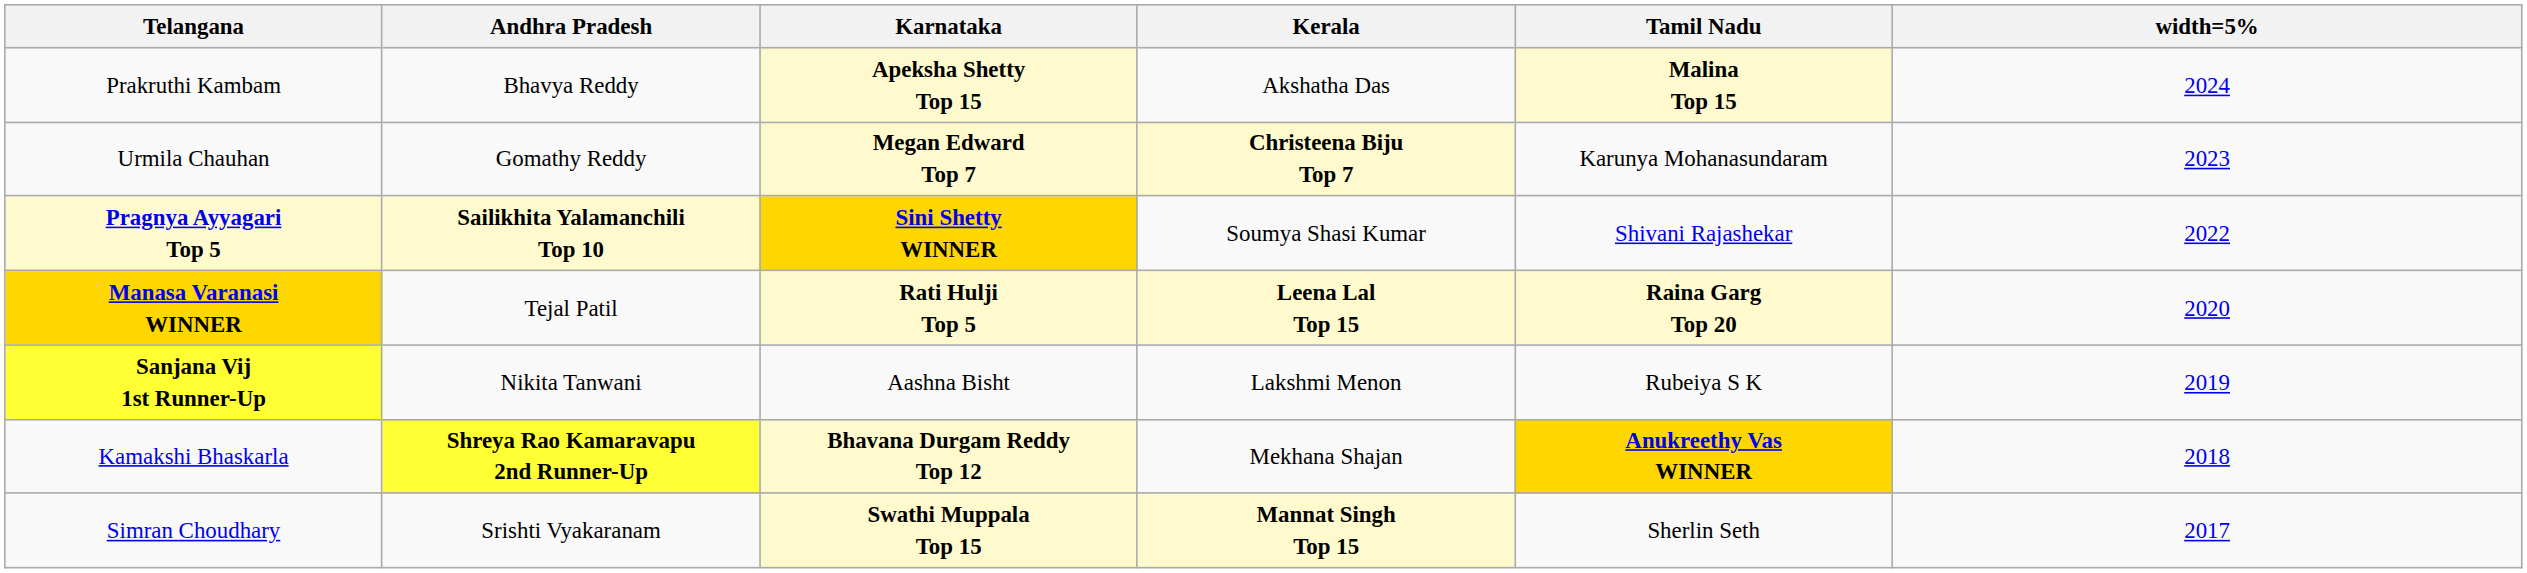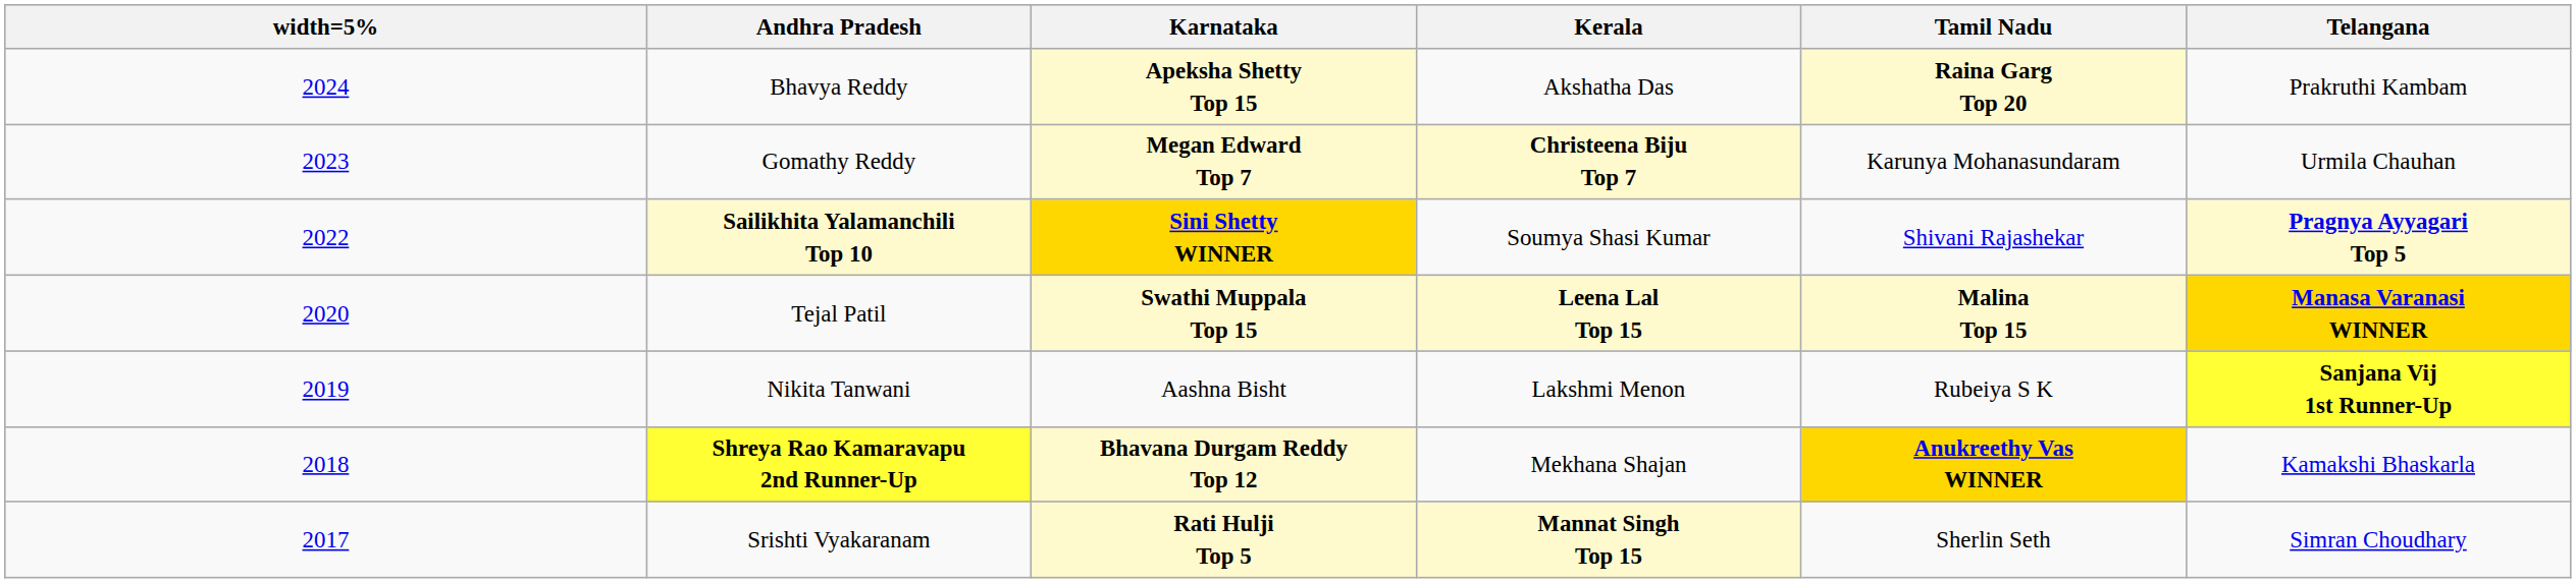 <table class="wikitable" style="text-align:center; line-height:20px; font-size:90%; width:100%;">
 <tr>
-<th width=15%>Telangana</th>
+<th>width=5%</th>
 <th width=15%>Andhra Pradesh</th>
 <th width=15%>Karnataka</th>
 <th width=15%>Kerala</th>
 <th width=15%>Tamil Nadu</th>
-<th>width=5%</th>
+<th width=15%>Telangana</th>
 </tr>
 <tr>
-<td>Prakruthi Kambam</td>
+<td><a href='#'>2024</a></td>
 <td>Bhavya Reddy</td>
 <td style="background:#FFFACD;"><strong>Apeksha Shetty<br>Top 15</strong></td>
 <td>Akshatha Das</td>
-<td style="background:#FFFACD;"><strong>Malina<br>Top 15</strong></td>
-<td><a href='#'>2024</a></td>
+<td style="background:#FFFACD;"><strong>Raina Garg<br>Top 20</strong></td>
+<td>Prakruthi Kambam</td>
 </tr>
 <tr>
-<td>Urmila Chauhan</td>
+<td><a href='#'>2023</a></td>
 <td>Gomathy Reddy</td>
 <td style="background:#FFFACD;"><strong>Megan Edward<br>Top 7</strong></td>
 <td style="background:#FFFACD;"><strong>Christeena Biju<br>Top 7</strong></td>
 <td>Karunya Mohanasundaram</td>
-<td><a href='#'>2023</a></td>
+<td>Urmila Chauhan</td>
 </tr>
 <tr>
-<td style="background:#FFFACD;"><strong><a href='#'>Pragnya Ayyagari</a><br>Top 5</strong></td>
+<td><a href='#'>2022</a></td>
 <td style="background:#FFFACD;"><strong>Sailikhita Yalamanchili<br>Top 10</strong></td>
 <td style="background:gold;"><strong><a href='#'>Sini Shetty</a><br>WINNER</strong></td>
 <td>Soumya Shasi Kumar</td>
 <td><a href='#'>Shivani Rajashekar</a></td>
-<td><a href='#'>2022</a></td>
+<td style="background:#FFFACD;"><strong><a href='#'>Pragnya Ayyagari</a><br>Top 5</strong></td>
 </tr>
 <tr>
+<td><a href='#'>2020</a></td>
+<td>Tejal Patil</td>
+<td style="background:#FFFACD;"><strong>Swathi Muppala<br>Top 15</strong></td>
+<td style="background:#FFFACD;"><strong>Leena Lal<br>Top 15</strong></td>
+<td style="background:#FFFACD;"><strong>Malina<br>Top 15</strong></td>
 <td style="background:gold;"><strong><a href='#'>Manasa Varanasi</a><br>WINNER</strong></td>
-<td>Tejal Patil</td>
-<td style="background:#FFFACD;"><strong>Rati Hulji<br>Top 5</strong></td>
-<td style="background:#FFFACD;"><strong>Leena Lal<br>Top 15</strong></td>
-<td style="background:#FFFACD;"><strong>Raina Garg<br>Top 20</strong></td>
-<td><a href='#'>2020</a></td>
 </tr>
 <tr>
-<td style="background:#FFFF33;"><strong>Sanjana Vij<br>1st Runner-Up</strong></td>
+<td><a href='#'>2019</a></td>
 <td>Nikita Tanwani</td>
 <td>Aashna Bisht</td>
 <td>Lakshmi Menon</td>
 <td>Rubeiya S K</td>
-<td><a href='#'>2019</a></td>
+<td style="background:#FFFF33;"><strong>Sanjana Vij<br>1st Runner-Up</strong></td>
 </tr>
 <tr>
-<td><a href='#'>Kamakshi Bhaskarla</a></td>
+<td><a href='#'>2018</a></td>
 <td style="background:#FFFF33;"><strong>Shreya Rao Kamaravapu<br>2nd Runner-Up</strong></td>
 <td style="background:#FFFACD;"><strong>Bhavana Durgam Reddy<br>Top 12</strong></td>
 <td>Mekhana Shajan</td>
 <td style="background:gold;"><strong><a href='#'>Anukreethy Vas</a><br>WINNER</strong></td>
-<td><a href='#'>2018</a></td>
+<td><a href='#'>Kamakshi Bhaskarla</a></td>
 </tr>
 <tr>
-<td><a href='#'>Simran Choudhary</a></td>
+<td><a href='#'>2017</a></td>
 <td>Srishti Vyakaranam</td>
-<td style="background:#FFFACD;"><strong>Swathi Muppala<br>Top 15</strong></td>
+<td style="background:#FFFACD;"><strong>Rati Hulji<br>Top 5</strong></td>
 <td style="background:#FFFACD;"><strong>Mannat Singh<br>Top 15</strong></td>
 <td>Sherlin Seth</td>
-<td><a href='#'>2017</a></td>
+<td><a href='#'>Simran Choudhary</a></td>
 </tr>
 </table>
